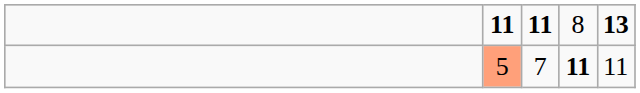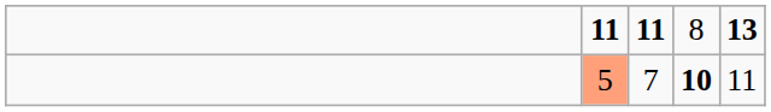 <table class="wikitable">
 <tr>
 <td style="width:18em"></td>
 <td align=center style="width:1em"><strong>11</strong></td>
 <td align=center style="width:1em"><strong>11</strong></td>
 <td align=center style="width:1em">8</td>
 <td align=center style="width:1em"><strong>13</strong></td>
 </tr>
 <tr>
 <td style="width:18em"></td>
 <td align=center style="background: lightsalmon; width:1em">5</td>
 <td align=center style="width:1em">7</td>
-<td align=center style="width:1em"><strong>11</strong></td>
+<td align=center style="width:1em"><strong>10</strong></td>
 <td align=center style="width:1em">11</td>
 </tr>
 </table>
